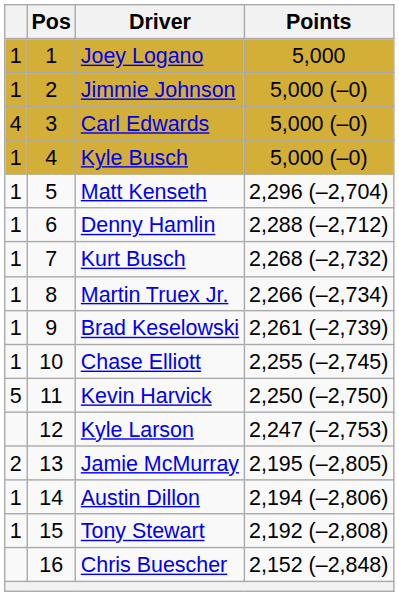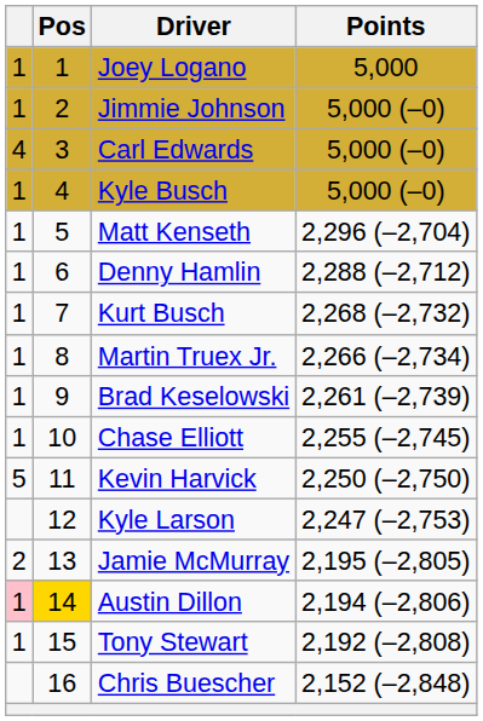 <table class="wikitable" style="font-size: 95%;">
 <tr>
 <th></th>
 <th>Pos</th>
 <th>Driver</th>
 <th>Points</th>
 </tr>
 <tr style="background:#D4AF37;">
 <td align="left"> 1</td>
 <td style="text-align:center;">1</td>
 <td><a href='#'>Joey Logano</a></td>
 <td style="text-align:center;">5,000</td>
 </tr>
 <tr style="background:#D4AF37;">
 <td align="left"> 1</td>
 <td style="text-align:center;">2</td>
 <td><a href='#'>Jimmie Johnson</a></td>
 <td style="text-align:center;">5,000 (–0)</td>
 </tr>
 <tr style="background:#D4AF37;">
 <td align="left"> 4</td>
 <td style="text-align:center;">3</td>
 <td><a href='#'>Carl Edwards</a></td>
 <td style="text-align:center;">5,000 (–0)</td>
 </tr>
 <tr style="background:#D4AF37;">
 <td align="left"> 1</td>
 <td style="text-align:center;">4</td>
 <td><a href='#'>Kyle Busch</a></td>
 <td style="text-align:center;">5,000 (–0)</td>
 </tr>
 <tr>
 <td align="left"> 1</td>
 <td style="text-align:center;">5</td>
 <td><a href='#'>Matt Kenseth</a></td>
 <td style="text-align:center;">2,296 (–2,704)</td>
 </tr>
 <tr>
 <td align="left"> 1</td>
 <td style="text-align:center;">6</td>
 <td><a href='#'>Denny Hamlin</a></td>
 <td style="text-align:center;">2,288 (–2,712)</td>
 </tr>
 <tr>
 <td align="left"> 1</td>
 <td style="text-align:center;">7</td>
 <td><a href='#'>Kurt Busch</a></td>
 <td style="text-align:center;">2,268 (–2,732)</td>
 </tr>
 <tr>
 <td align="left"> 1</td>
 <td style="text-align:center;">8</td>
 <td><a href='#'>Martin Truex Jr.</a></td>
 <td style="text-align:center;">2,266 (–2,734)</td>
 </tr>
 <tr>
 <td align="left"> 1</td>
 <td style="text-align:center;">9</td>
 <td><a href='#'>Brad Keselowski</a></td>
 <td style="text-align:center;">2,261 (–2,739)</td>
 </tr>
 <tr>
 <td align="left"> 1</td>
 <td style="text-align:center;">10</td>
 <td><a href='#'>Chase Elliott</a></td>
 <td style="text-align:center;">2,255 (–2,745)</td>
 </tr>
 <tr>
 <td align="left"> 5</td>
 <td style="text-align:center;">11</td>
 <td><a href='#'>Kevin Harvick</a></td>
 <td style="text-align:center;">2,250 (–2,750)</td>
 </tr>
 <tr>
 <td align="left"></td>
 <td style="text-align:center;">12</td>
 <td><a href='#'>Kyle Larson</a></td>
 <td style="text-align:center;">2,247 (–2,753)</td>
 </tr>
 <tr>
 <td align="left"> 2</td>
 <td style="text-align:center;">13</td>
 <td><a href='#'>Jamie McMurray</a></td>
 <td style="text-align:center;">2,195 (–2,805)</td>
 </tr>
 <tr>
-<td align="left"> 1</td>
-<td style="text-align:center;">14</td>
+<td align="left" style="background: pink;"> 1</td>
+<td style="background: gold; text-align:center;">14</td>
 <td><a href='#'>Austin Dillon</a></td>
 <td style="text-align:center;">2,194 (–2,806)</td>
 </tr>
 <tr>
 <td align="left"> 1</td>
 <td style="text-align:center;">15</td>
 <td><a href='#'>Tony Stewart</a></td>
 <td style="text-align:center;">2,192 (–2,808)</td>
 </tr>
 <tr>
 <td align="left"></td>
 <td style="text-align:center;">16</td>
 <td><a href='#'>Chris Buescher</a></td>
 <td style="text-align:center;">2,152 (–2,848)</td>
 </tr>
 <tr class="sortbottom">
 <th colspan="9"></th>
 </tr>
 </table>
